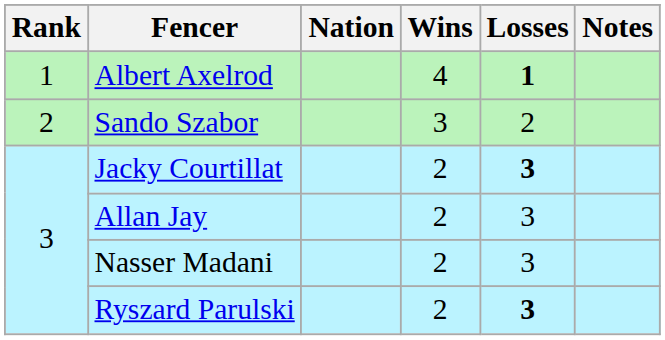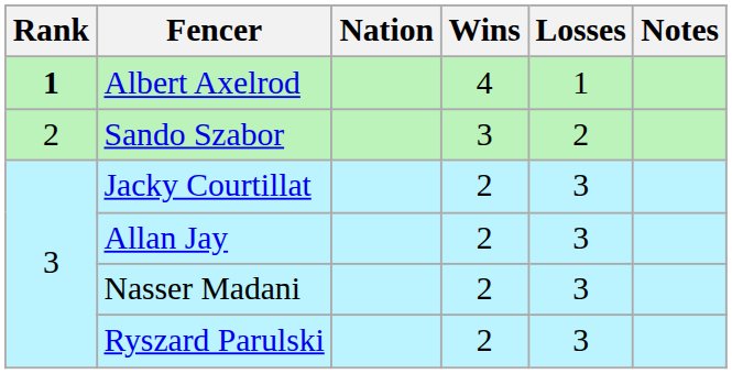 <table class="wikitable sortable" style="text-align:center">
 <tr>
 <th>Rank</th>
 <th>Fencer</th>
 <th>Nation</th>
 <th>Wins</th>
 <th>Losses</th>
 <th>Notes</th>
 </tr>
 <tr bgcolor=bbf3bb>
-<td>1</td>
+<td><strong>1</strong></td>
 <td align=left><a href='#'>Albert Axelrod</a></td>
 <td align=left></td>
 <td>4</td>
-<td><strong>1</strong></td>
+<td>1</td>
 <td></td>
 </tr>
 <tr bgcolor=bbf3bb>
 <td>2</td>
 <td align=left><a href='#'>Sando Szabor</a></td>
 <td align=left></td>
 <td>3</td>
 <td>2</td>
 <td></td>
 </tr>
 <tr bgcolor=bbf3ff>
 <td rowspan=4>3</td>
 <td align=left><a href='#'>Jacky Courtillat</a></td>
 <td align=left></td>
 <td>2</td>
-<td><strong>3</strong></td>
+<td>3</td>
 <td></td>
 </tr>
 <tr bgcolor=bbf3ff>
 <td align=left><a href='#'>Allan Jay</a></td>
 <td align=left></td>
 <td>2</td>
 <td>3</td>
 <td></td>
 </tr>
 <tr bgcolor=bbf3ff>
 <td align=left>Nasser Madani</td>
 <td align=left></td>
 <td>2</td>
 <td>3</td>
 <td></td>
 </tr>
 <tr bgcolor=bbf3ff>
 <td align=left><a href='#'>Ryszard Parulski</a></td>
 <td align=left></td>
 <td>2</td>
-<td><strong>3</strong></td>
+<td>3</td>
 <td></td>
 </tr>
 </table>
